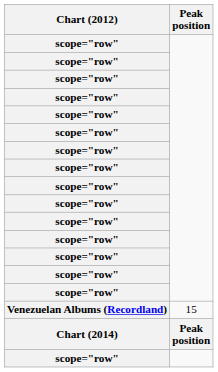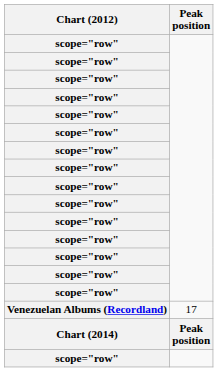 <table class="wikitable sortable plainrowheaders">
 <tr>
 <th scope="col">Chart (2012)</th>
 <th scope="col">Peak<br>position</th>
 </tr>
 <tr>
 <th>scope="row"</th>
 </tr>
 <tr>
 <th>scope="row"</th>
 </tr>
 <tr>
 <th>scope="row"</th>
 </tr>
 <tr>
 <th>scope="row"</th>
 </tr>
 <tr>
 <th>scope="row"</th>
 </tr>
 <tr>
 <th>scope="row"</th>
 </tr>
 <tr>
 <th>scope="row"</th>
 </tr>
 <tr>
 <th>scope="row"</th>
 </tr>
 <tr>
 <th>scope="row"</th>
 </tr>
 <tr>
 <th>scope="row"</th>
 </tr>
 <tr>
 <th>scope="row"</th>
 </tr>
 <tr>
 <th>scope="row"</th>
 </tr>
 <tr>
 <th>scope="row"</th>
 </tr>
 <tr>
 <th>scope="row"</th>
 </tr>
 <tr>
 <th>scope="row"</th>
 </tr>
 <tr>
 <th scope="row">Venezuelan Albums (<a href='#'>Recordland</a>)</th>
-<td align="center">15</td>
+<td align="center">17</td>
 </tr>
 <tr>
 <th scope="col">Chart (2014)</th>
 <th scope="col">Peak<br>position</th>
 </tr>
 <tr>
 <th>scope="row"</th>
 </tr>
 </table>
